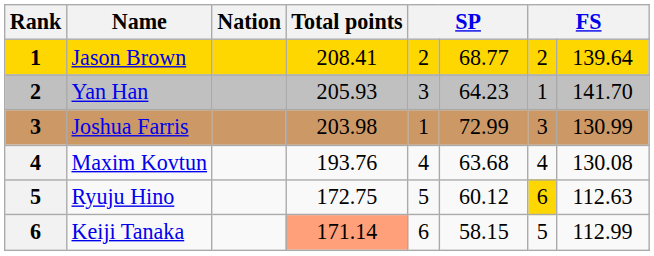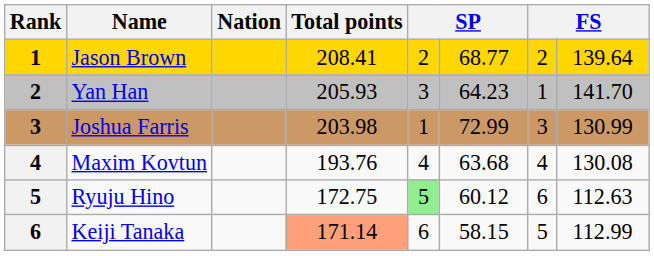 <table class="wikitable sortable">
 <tr>
 <th>Rank</th>
 <th>Name</th>
 <th>Nation</th>
 <th>Total points</th>
 <th colspan="2" width="80px"><a href='#'>SP</a></th>
 <th colspan="2" width="80px"><a href='#'>FS</a></th>
 </tr>
 <tr bgcolor="gold">
 <td align="center"><strong>1</strong></td>
 <td><a href='#'>Jason Brown</a></td>
 <td></td>
 <td align="center">208.41</td>
 <td align="center">2</td>
 <td align="center">68.77</td>
 <td align="center">2</td>
 <td align="center">139.64</td>
 </tr>
 <tr bgcolor="silver">
 <td align="center"><strong>2</strong></td>
 <td><a href='#'>Yan Han</a></td>
 <td></td>
 <td align="center">205.93</td>
 <td align="center">3</td>
 <td align="center">64.23</td>
 <td align="center">1</td>
 <td align="center">141.70</td>
 </tr>
 <tr bgcolor="cc9966">
 <td align="center"><strong>3</strong></td>
 <td><a href='#'>Joshua Farris</a></td>
 <td></td>
 <td align="center">203.98</td>
 <td align="center">1</td>
 <td align="center">72.99</td>
 <td align="center">3</td>
 <td align="center">130.99</td>
 </tr>
 <tr>
 <th>4</th>
 <td><a href='#'>Maxim Kovtun</a></td>
 <td></td>
 <td align="center">193.76</td>
 <td align="center">4</td>
 <td align="center">63.68</td>
 <td align="center">4</td>
 <td align="center">130.08</td>
 </tr>
 <tr>
 <th>5</th>
 <td><a href='#'>Ryuju Hino</a></td>
 <td></td>
 <td align="center">172.75</td>
-<td align="center">5</td>
+<td align="center" style="background: lightgreen;">5</td>
 <td align="center">60.12</td>
-<td align="center" style="background: gold;">6</td>
+<td align="center">6</td>
 <td align="center">112.63</td>
 </tr>
 <tr>
 <th>6</th>
 <td><a href='#'>Keiji Tanaka</a></td>
 <td></td>
 <td align="center" style="background: lightsalmon;">171.14</td>
 <td align="center">6</td>
 <td align="center">58.15</td>
 <td align="center">5</td>
 <td align="center">112.99</td>
 </tr>
 </table>
